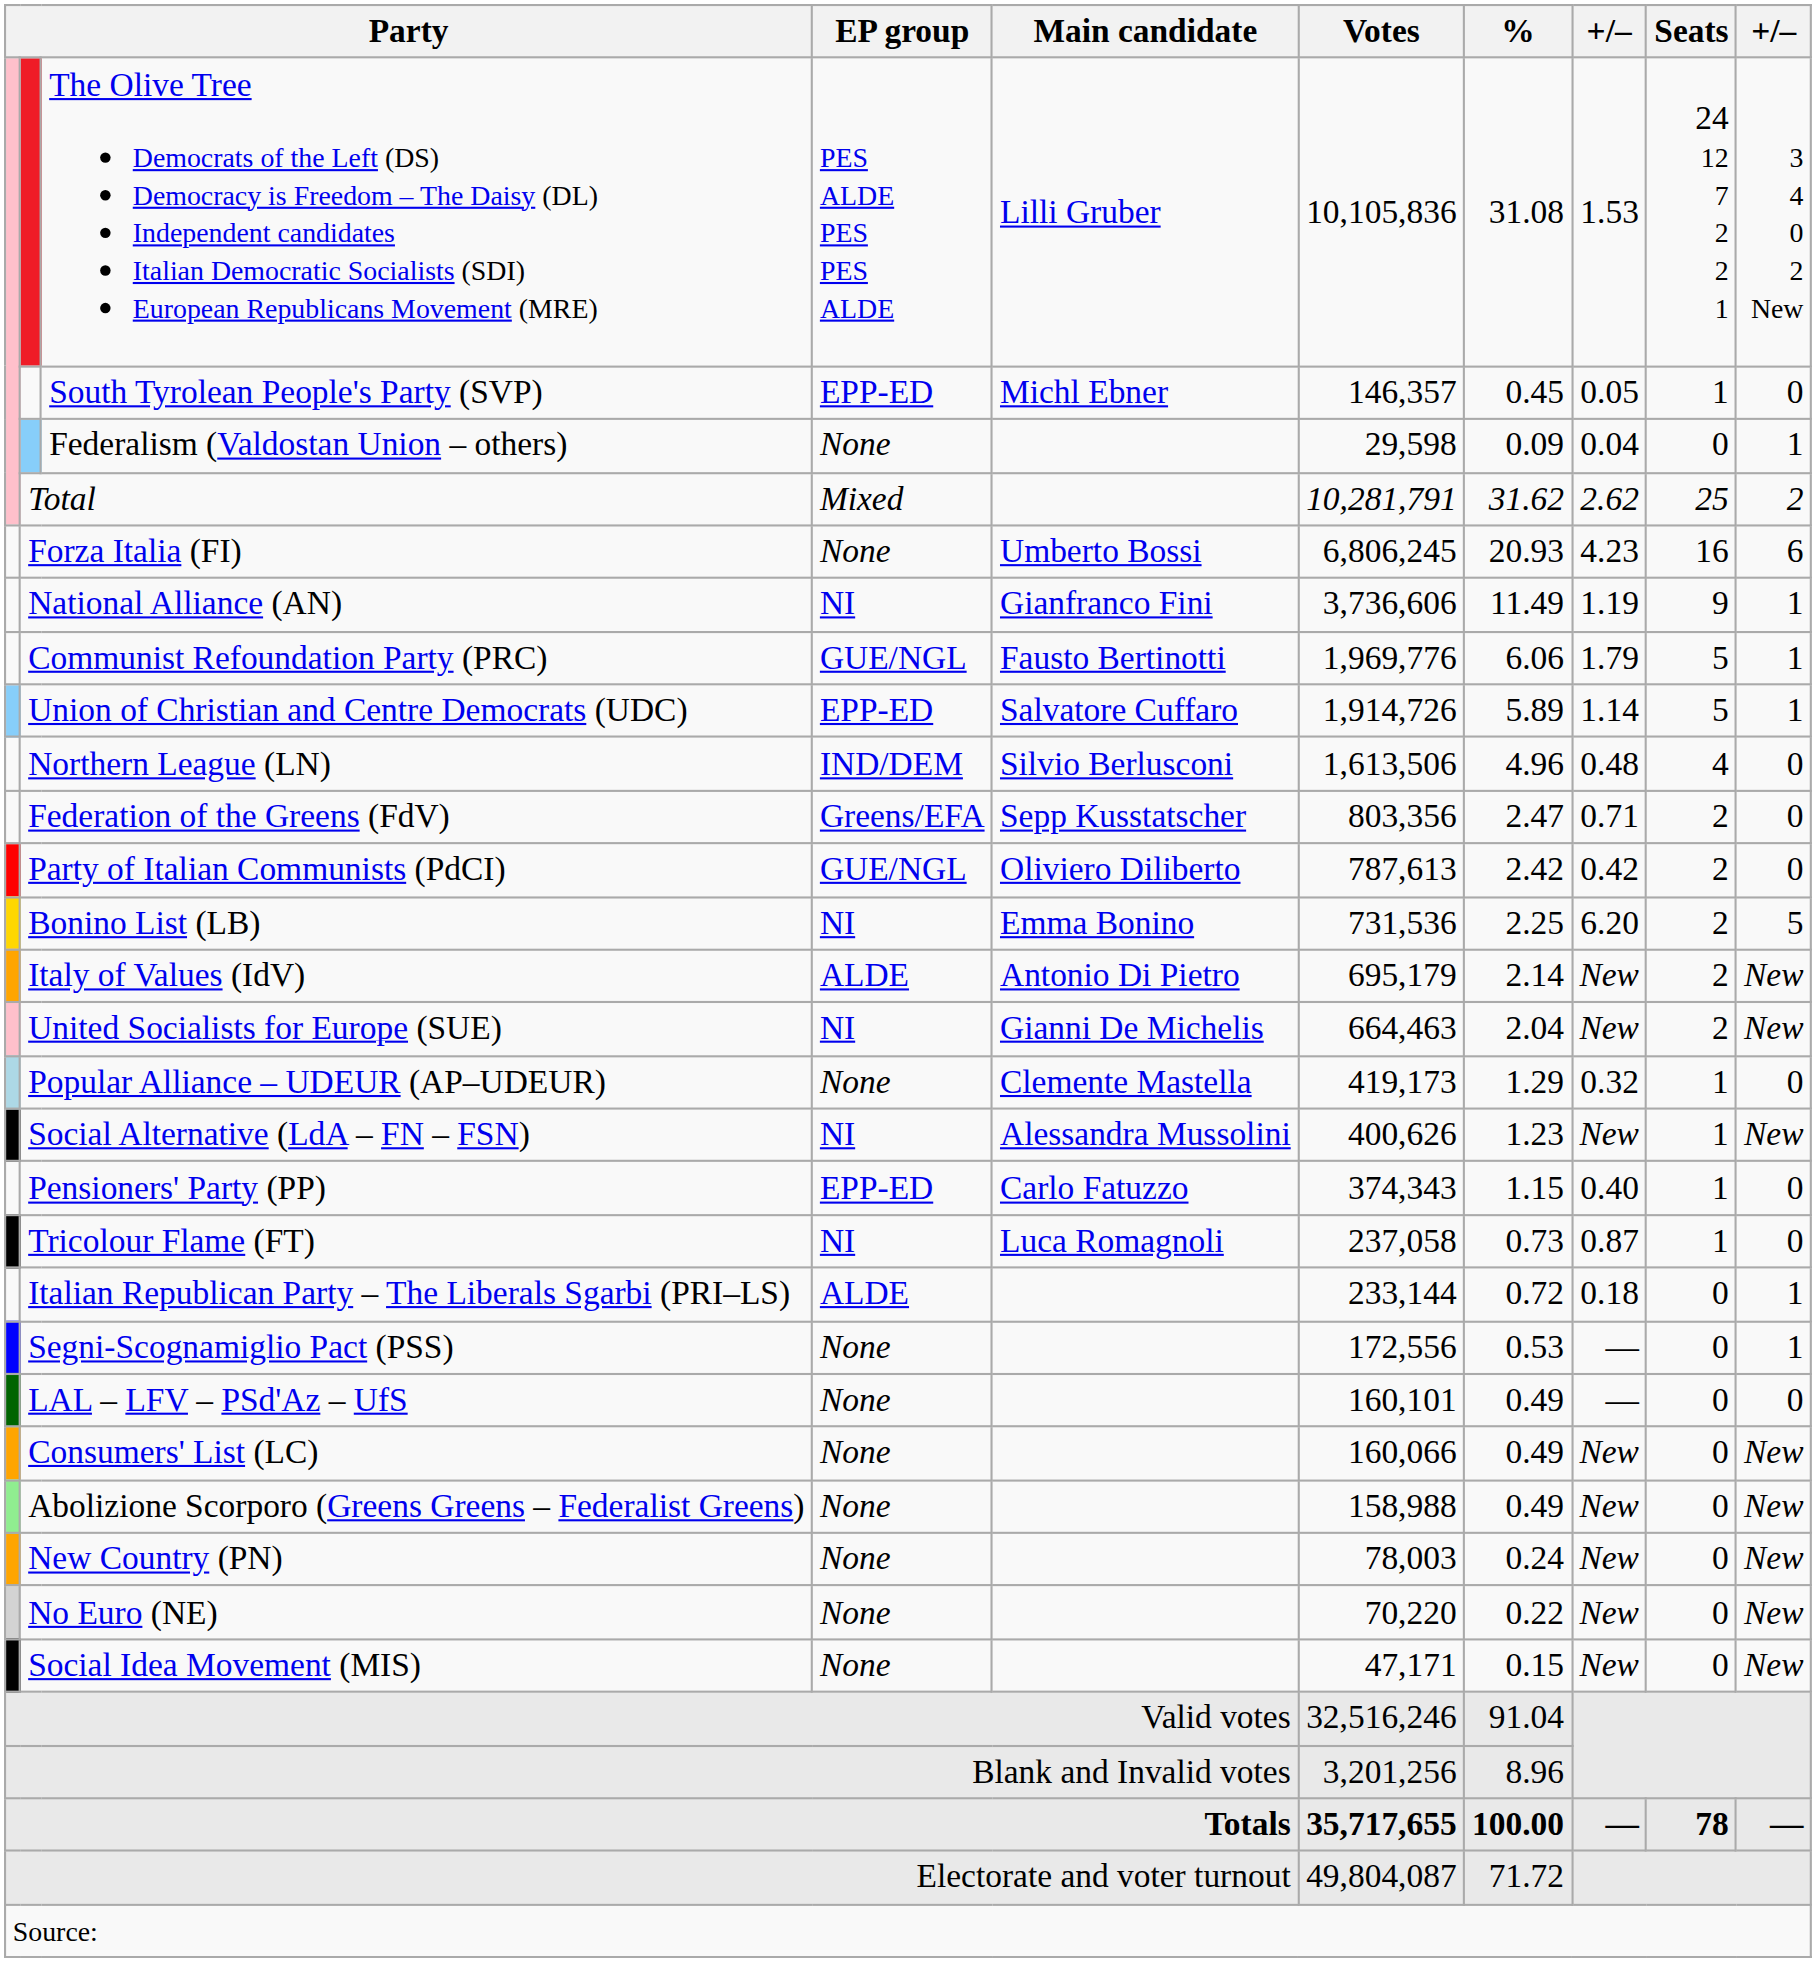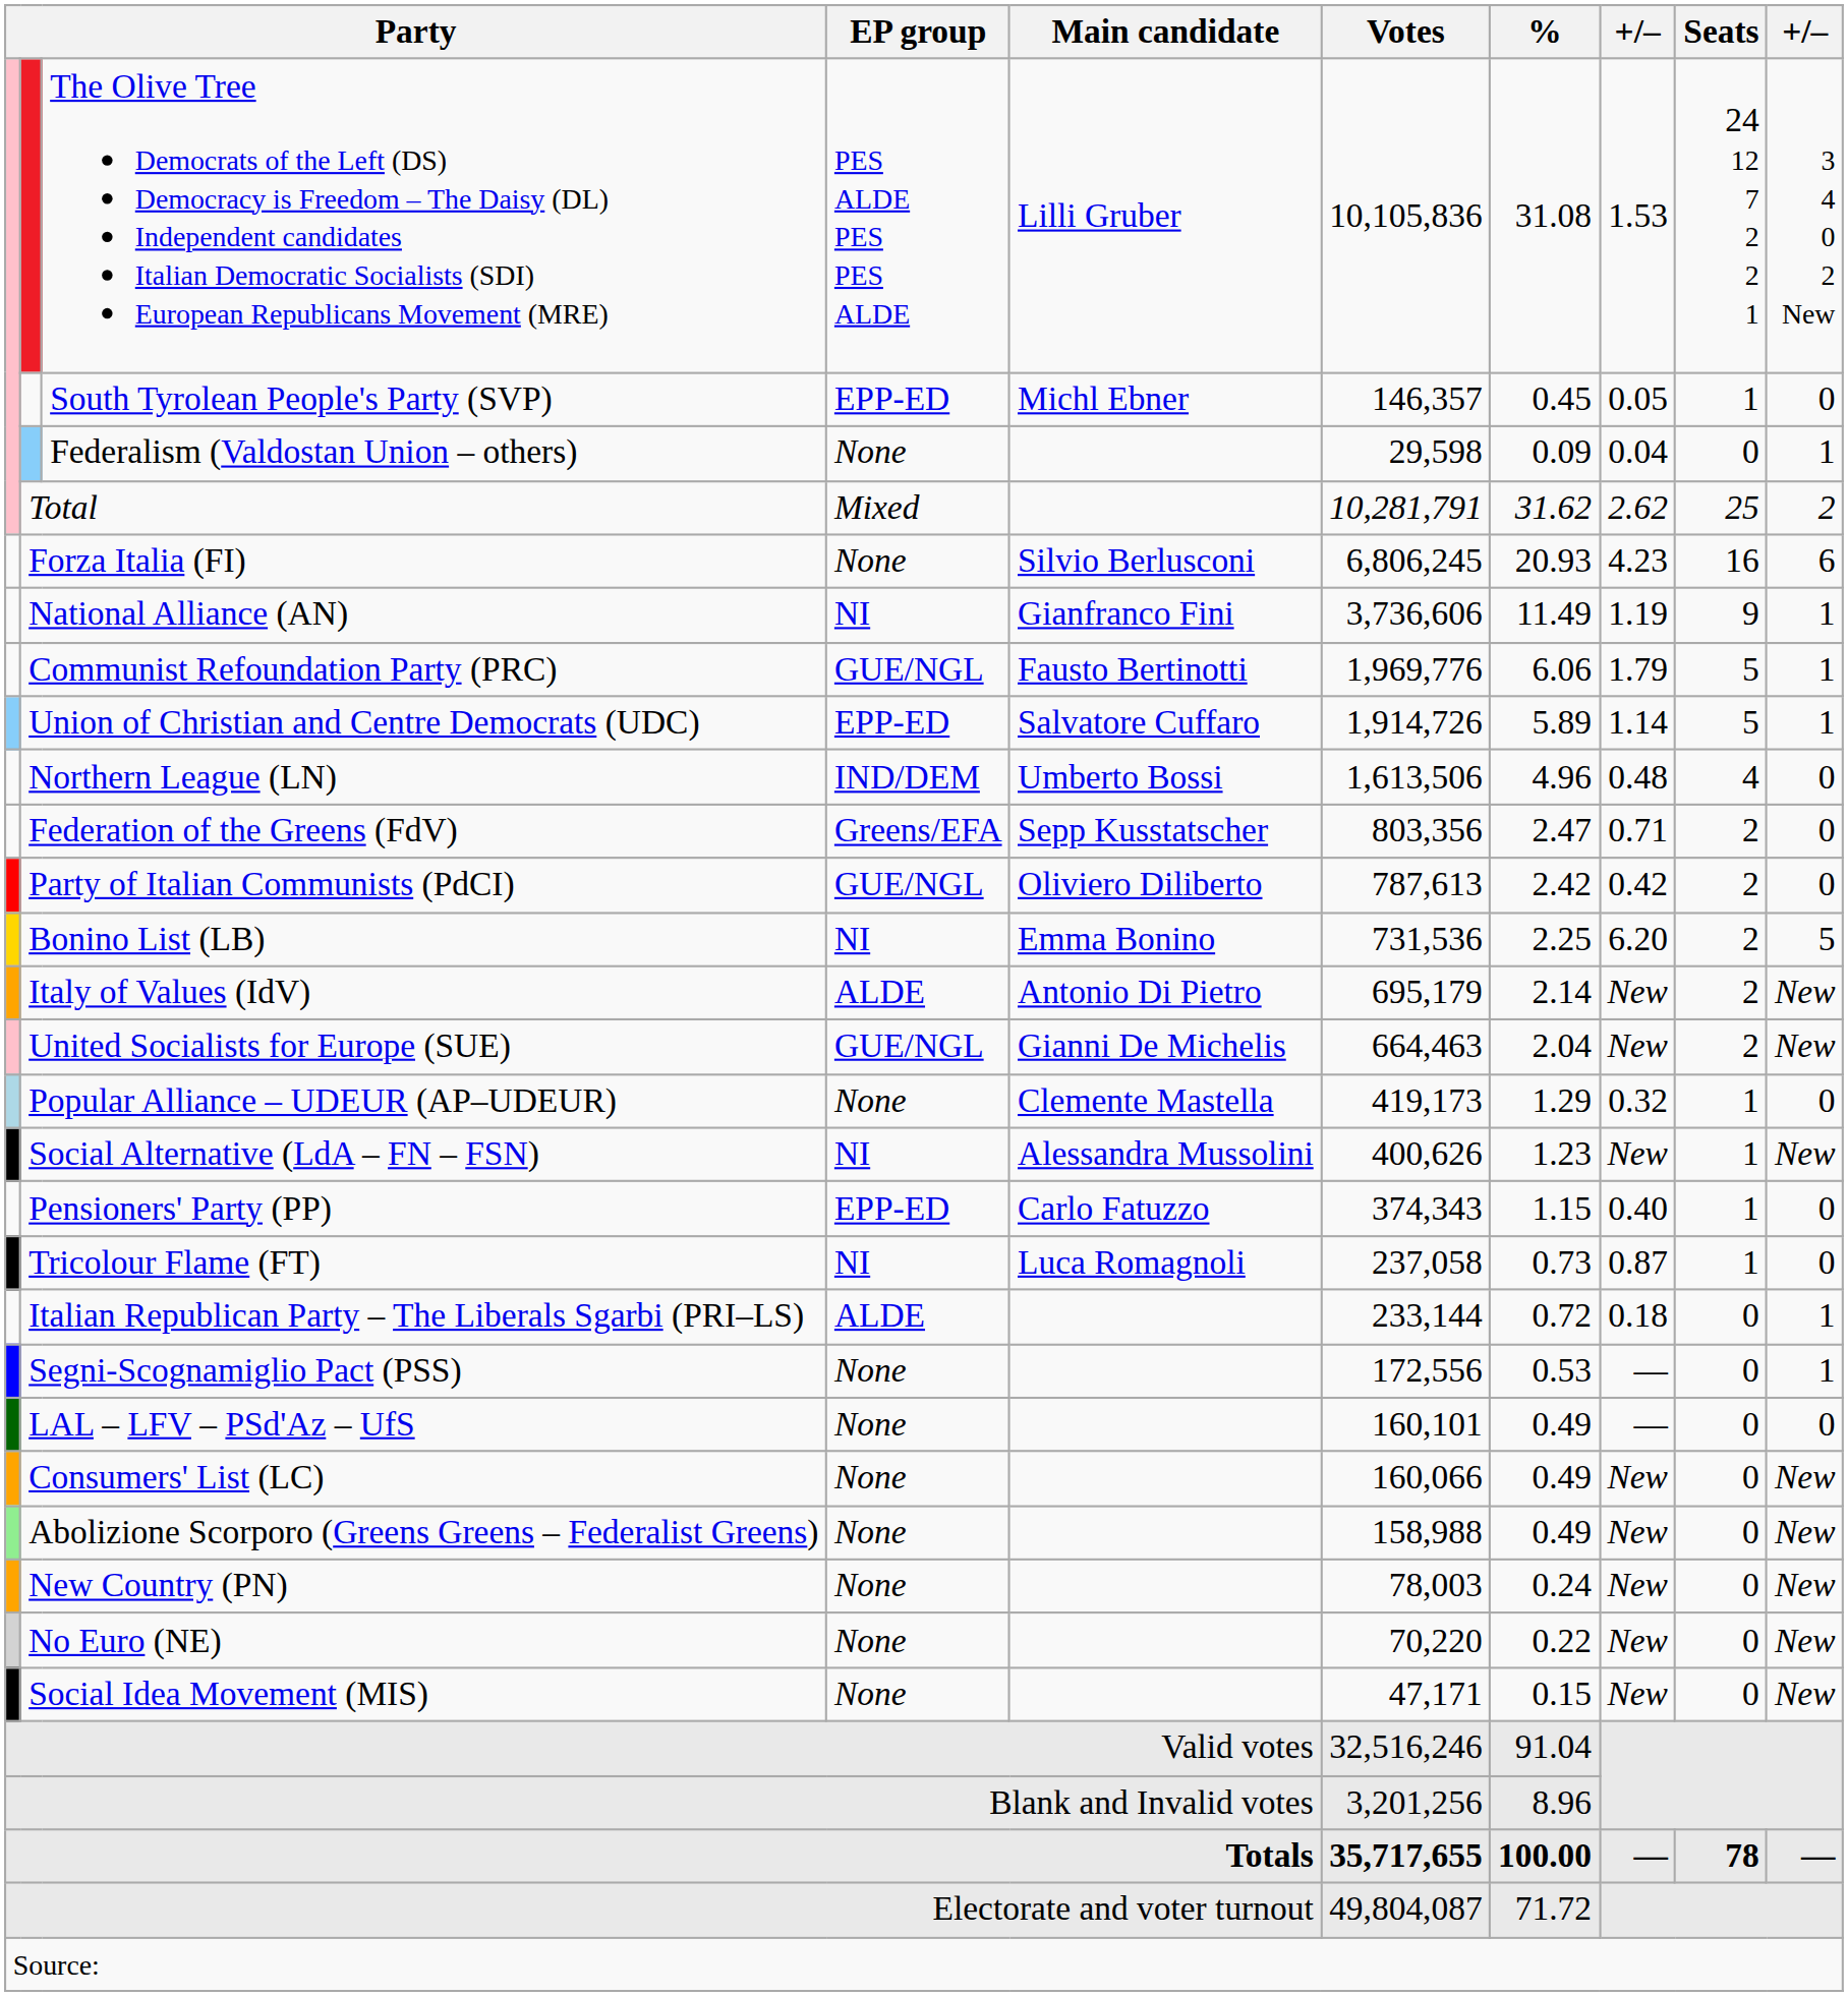 <table class=wikitable style=text-align:right>
 <tr>
 <th colspan="3">Party</th>
 <th>EP group</th>
 <th>Main candidate</th>
 <th>Votes</th>
 <th>%</th>
 <th>+/–</th>
 <th>Seats</th>
 <th>+/–</th>
 </tr>
 <tr>
 <td rowspan=4 style="background-color:pink"></td>
 <td style="background-color:#EF1C27"></td>
 <td align="left"><a href='#'>The Olive Tree</a><br><ul><li><small><a href='#'>Democrats of the Left</a> (DS)</small></li><li><small><a href='#'>Democracy is Freedom – The Daisy</a> (DL)</small></li><li><small><a href='#'>Independent candidates</a></small></li><li><small><a href='#'>Italian Democratic Socialists</a> (SDI)</small></li><li><small><a href='#'>European Republicans Movement</a> (MRE)</small></li></ul></td>
 <td align="left"><br> <small><a href='#'>PES</a></small> <br> <small><a href='#'>ALDE</a></small> <br> <small><a href='#'>PES</a></small> <br> <small><a href='#'>PES</a></small> <br> <small><a href='#'>ALDE</a></small></td>
 <td align="left"><a href='#'>Lilli Gruber</a></td>
 <td align="right">10,105,836</td>
 <td align="right">31.08</td>
 <td align="right">1.53 </td>
 <td align="right">24 <br><small>12</small><br><small>7</small><br><small>2</small><br><small>2</small><br><small>1</small></td>
 <td align="right"><br><small>3 </small><br><small>4 </small><br><small>0 </small><br><small>2 </small><br><small>New</small></td>
 </tr>
 <tr>
 <td style="background-color:"></td>
 <td align="left"><a href='#'>South Tyrolean People's Party</a> (SVP)</td>
 <td align="left"><a href='#'>EPP-ED</a></td>
 <td align="left"><a href='#'>Michl Ebner</a></td>
 <td align="right">146,357</td>
 <td align="right">0.45</td>
 <td align="right">0.05 </td>
 <td align="right">1</td>
 <td align="right">0 </td>
 </tr>
 <tr>
 <td style="background-color:lightskyblue"></td>
 <td align="left">Federalism (<a href='#'>Valdostan Union</a> – others)</td>
 <td align="left"><em>None</em></td>
 <td align="left"></td>
 <td align="right">29,598</td>
 <td align="right">0.09</td>
 <td align="right">0.04 </td>
 <td align="right">0</td>
 <td align="right">1 </td>
 </tr>
 <tr>
 <td align=left colspan=2><em>Total</em></td>
 <td align=left><em>Mixed</em></td>
 <td align="left"></td>
 <td align="right"><em>10,281,791</em></td>
 <td align="right"><em>31.62</em></td>
 <td align="right"><em>2.62</em> </td>
 <td align="right"><em>25</em></td>
 <td align="right"><em>2</em> </td>
 </tr>
 <tr>
 <td style="background-color:"></td>
 <td colspan="2" align="left"><a href='#'>Forza Italia</a> (FI)</td>
 <td align="left"><em>None</em></td>
-<td align="left"><a href='#'>Umberto Bossi</a></td>
+<td align="left"><a href='#'>Silvio Berlusconi</a></td>
 <td align="right">6,806,245</td>
 <td align="right">20.93</td>
 <td align="right">4.23 </td>
 <td align="right">16</td>
 <td align="right">6 </td>
 </tr>
 <tr>
 <td style="background-color:"></td>
 <td colspan="2" align="left"><a href='#'>National Alliance</a> (AN)</td>
 <td align="left"><a href='#'>NI</a></td>
 <td align="left"><a href='#'>Gianfranco Fini</a></td>
 <td align="right">3,736,606</td>
 <td align="right">11.49</td>
 <td align="right">1.19 </td>
 <td align="right">9</td>
 <td align="right">1 </td>
 </tr>
 <tr>
 <td style="background-color:"></td>
 <td colspan="2" align="left"><a href='#'>Communist Refoundation Party</a> (PRC)</td>
 <td align="left"><a href='#'>GUE/NGL</a></td>
 <td align="left"><a href='#'>Fausto Bertinotti</a></td>
 <td align="right">1,969,776</td>
 <td align="right">6.06</td>
 <td align="right">1.79 </td>
 <td align="right">5</td>
 <td align="right">1 </td>
 </tr>
 <tr>
 <td style="background-color:lightskyblue"></td>
 <td colspan="2" align="left"><a href='#'>Union of Christian and Centre Democrats</a> (UDC)</td>
 <td align="left"><a href='#'>EPP-ED</a></td>
 <td align="left"><a href='#'>Salvatore Cuffaro</a></td>
 <td align="right">1,914,726</td>
 <td align="right">5.89</td>
 <td align="right">1.14 </td>
 <td align="right">5</td>
 <td align="right">1 </td>
 </tr>
 <tr>
 <td style="background-color:"></td>
 <td colspan="2" align="left"><a href='#'>Northern League</a> (LN)</td>
 <td align="left"><a href='#'>IND/DEM</a></td>
-<td align="left"><a href='#'>Silvio Berlusconi</a></td>
+<td align="left"><a href='#'>Umberto Bossi</a></td>
 <td align="right">1,613,506</td>
 <td align="right">4.96</td>
 <td align="right">0.48 </td>
 <td align="right">4</td>
 <td align="right">0 </td>
 </tr>
 <tr>
 <td style="background-color:"></td>
 <td colspan="2" align="left"><a href='#'>Federation of the Greens</a> (FdV)</td>
 <td align="left"><a href='#'>Greens/EFA</a></td>
 <td align="left"><a href='#'>Sepp Kusstatscher</a></td>
 <td align="right">803,356</td>
 <td align="right">2.47</td>
 <td align="right">0.71 </td>
 <td align="right">2</td>
 <td align="right">0 </td>
 </tr>
 <tr>
 <td style="background-color:red"></td>
 <td colspan="2" align="left"><a href='#'>Party of Italian Communists</a> (PdCI)</td>
 <td align="left"><a href='#'>GUE/NGL</a></td>
 <td align="left"><a href='#'>Oliviero Diliberto</a></td>
 <td align="right">787,613</td>
 <td align="right">2.42</td>
 <td align="right">0.42 </td>
 <td align="right">2</td>
 <td align="right">0 </td>
 </tr>
 <tr>
 <td style="background-color:gold"></td>
 <td colspan="2" align="left"><a href='#'>Bonino List</a> (LB)</td>
 <td align="left"><a href='#'>NI</a></td>
 <td align="left"><a href='#'>Emma Bonino</a></td>
 <td align="right">731,536</td>
 <td align="right">2.25</td>
 <td align="right">6.20 </td>
 <td align="right">2</td>
 <td align="right">5 </td>
 </tr>
 <tr>
 <td style="background-color:orange"></td>
 <td colspan="2" align="left"><a href='#'>Italy of Values</a> (IdV)</td>
 <td align="left"><a href='#'>ALDE</a></td>
 <td align="left"><a href='#'>Antonio Di Pietro</a></td>
 <td align="right">695,179</td>
 <td align="right">2.14</td>
 <td align="right"><em>New</em></td>
 <td align="right">2</td>
 <td align="right"><em>New</em></td>
 </tr>
 <tr>
 <td style="background-color:pink"></td>
 <td colspan="2" align="left"><a href='#'>United Socialists for Europe</a> (SUE)</td>
-<td align="left"><a href='#'>NI</a></td>
+<td align="left"><a href='#'>GUE/NGL</a></td>
 <td align="left"><a href='#'>Gianni De Michelis</a></td>
 <td align="right">664,463</td>
 <td align="right">2.04</td>
 <td align="right"><em>New</em></td>
 <td align="right">2</td>
 <td align="right"><em>New</em></td>
 </tr>
 <tr>
 <td style="background-color:lightblue"></td>
 <td colspan="2" align="left"><a href='#'>Popular Alliance – UDEUR</a> (AP–UDEUR)</td>
 <td align="left"><em>None</em></td>
 <td align="left"><a href='#'>Clemente Mastella</a></td>
 <td align="right">419,173</td>
 <td align="right">1.29</td>
 <td align="right">0.32 </td>
 <td align="right">1</td>
 <td align="right">0 </td>
 </tr>
 <tr>
 <td style="background-color:black"></td>
 <td colspan="2" align="left"><a href='#'>Social Alternative</a> (<a href='#'>LdA</a> – <a href='#'>FN</a> – <a href='#'>FSN</a>)</td>
 <td align="left"><a href='#'>NI</a></td>
 <td align="left"><a href='#'>Alessandra Mussolini</a></td>
 <td align="right">400,626</td>
 <td align="right">1.23</td>
 <td align="right"><em>New</em></td>
 <td align="right">1</td>
 <td align="right"><em>New</em></td>
 </tr>
 <tr>
 <td style="background-color:"></td>
 <td colspan="2" align="left"><a href='#'>Pensioners' Party</a> (PP)</td>
 <td align="left"><a href='#'>EPP-ED</a></td>
 <td align="left"><a href='#'>Carlo Fatuzzo</a></td>
 <td align="right">374,343</td>
 <td align="right">1.15</td>
 <td align="right">0.40 </td>
 <td align="right">1</td>
 <td align="right">0 </td>
 </tr>
 <tr>
 <td style="background-color:black"></td>
 <td colspan="2" align="left"><a href='#'>Tricolour Flame</a> (FT)</td>
 <td align="left"><a href='#'>NI</a></td>
 <td align="left"><a href='#'>Luca Romagnoli</a></td>
 <td align="right">237,058</td>
 <td align="right">0.73</td>
 <td align="right">0.87 </td>
 <td align="right">1</td>
 <td align="right">0 </td>
 </tr>
 <tr>
 <td style="background-color:"></td>
 <td colspan="2" align="left"><a href='#'>Italian Republican Party</a> – <a href='#'>The Liberals Sgarbi</a> (PRI–LS)</td>
 <td align="left"><a href='#'>ALDE</a></td>
 <td align="left"></td>
 <td align="right">233,144</td>
 <td align="right">0.72</td>
 <td align="right">0.18 </td>
 <td align="right">0</td>
 <td align="right">1 </td>
 </tr>
 <tr>
 <td style="background-color:blue"></td>
 <td colspan="2" align="left"><a href='#'>Segni-Scognamiglio Pact</a> (PSS)</td>
 <td align="left"><em>None</em></td>
 <td align="left"></td>
 <td align="right">172,556</td>
 <td align="right">0.53</td>
 <td align="right">—</td>
 <td align="right">0</td>
 <td align="right">1 </td>
 </tr>
 <tr>
 <td style="background-color:darkgreen"></td>
 <td colspan="2" align="left"><a href='#'>LAL</a> – <a href='#'>LFV</a> – <a href='#'>PSd'Az</a> – <a href='#'>UfS</a></td>
 <td align="left"><em>None</em></td>
 <td align="left"></td>
 <td align="right">160,101</td>
 <td align="right">0.49</td>
 <td align="right">—</td>
 <td align="right">0</td>
 <td align="right">0 </td>
 </tr>
 <tr>
 <td style="background-color:orange"></td>
 <td colspan="2" align="left"><a href='#'>Consumers' List</a>  (LC)</td>
 <td align="left"><em>None</em></td>
 <td align="left"></td>
 <td align="right">160,066</td>
 <td align="right">0.49</td>
 <td align="right"><em>New</em></td>
 <td align="right">0</td>
 <td align="right"><em>New</em></td>
 </tr>
 <tr>
 <td style="background-color:lightgreen"></td>
 <td colspan="2" align="left">Abolizione Scorporo (<a href='#'>Greens Greens</a> – <a href='#'>Federalist Greens</a>)</td>
 <td align="left"><em>None</em></td>
 <td align="left"></td>
 <td align="right">158,988</td>
 <td align="right">0.49</td>
 <td align="right"><em>New</em></td>
 <td align="right">0</td>
 <td align="right"><em>New</em></td>
 </tr>
 <tr>
 <td style="background-color:orange"></td>
 <td colspan="2" align="left"><a href='#'>New Country</a> (PN)</td>
 <td align="left"><em>None</em></td>
 <td align="left"></td>
 <td align="right">78,003</td>
 <td align="right">0.24</td>
 <td align="right"><em>New</em></td>
 <td align="right">0</td>
 <td align="right"><em>New</em></td>
 </tr>
 <tr>
 <td style="background-color:lightgrey"></td>
 <td colspan="2" align="left"><a href='#'>No Euro</a> (NE)</td>
 <td align="left"><em>None</em></td>
 <td align="left"></td>
 <td align="right">70,220</td>
 <td align="right">0.22</td>
 <td align="right"><em>New</em></td>
 <td align="right">0</td>
 <td align="right"><em>New</em></td>
 </tr>
 <tr>
 <td style="background-color:black"></td>
 <td colspan="2" align="left"><a href='#'>Social Idea Movement</a> (MIS)</td>
 <td align="left"><em>None</em></td>
 <td align="left"></td>
 <td align="right">47,171</td>
 <td align="right">0.15</td>
 <td align="right"><em>New</em></td>
 <td align="right">0</td>
 <td align="right"><em>New</em></td>
 </tr>
 <tr style="background-color:#E9E9E9">
 <td align="right" colspan="5">Valid votes</td>
 <td>32,516,246</td>
 <td>91.04</td>
 <td colspan="3" rowspan="2"></td>
 </tr>
 <tr style="background-color:#E9E9E9">
 <td align="right" colspan="5">Blank and Invalid votes</td>
 <td>3,201,256</td>
 <td>8.96</td>
 </tr>
 <tr style="background-color:#E9E9E9">
 <td align="right" colspan="5"><strong>Totals</strong></td>
 <td><strong>35,717,655</strong></td>
 <td><strong>100.00</strong></td>
 <td><strong>—</strong></td>
 <td><strong>78</strong></td>
 <td><strong>—</strong></td>
 </tr>
 <tr style="background-color:#E9E9E9">
 <td colspan="5">Electorate and voter turnout</td>
 <td>49,804,087</td>
 <td>71.72</td>
 <td colspan="3"></td>
 </tr>
 <tr>
 <td align="left" colspan="10"><small>Source: </small></td>
 </tr>
 <tr>
 </tr>
 </table>
